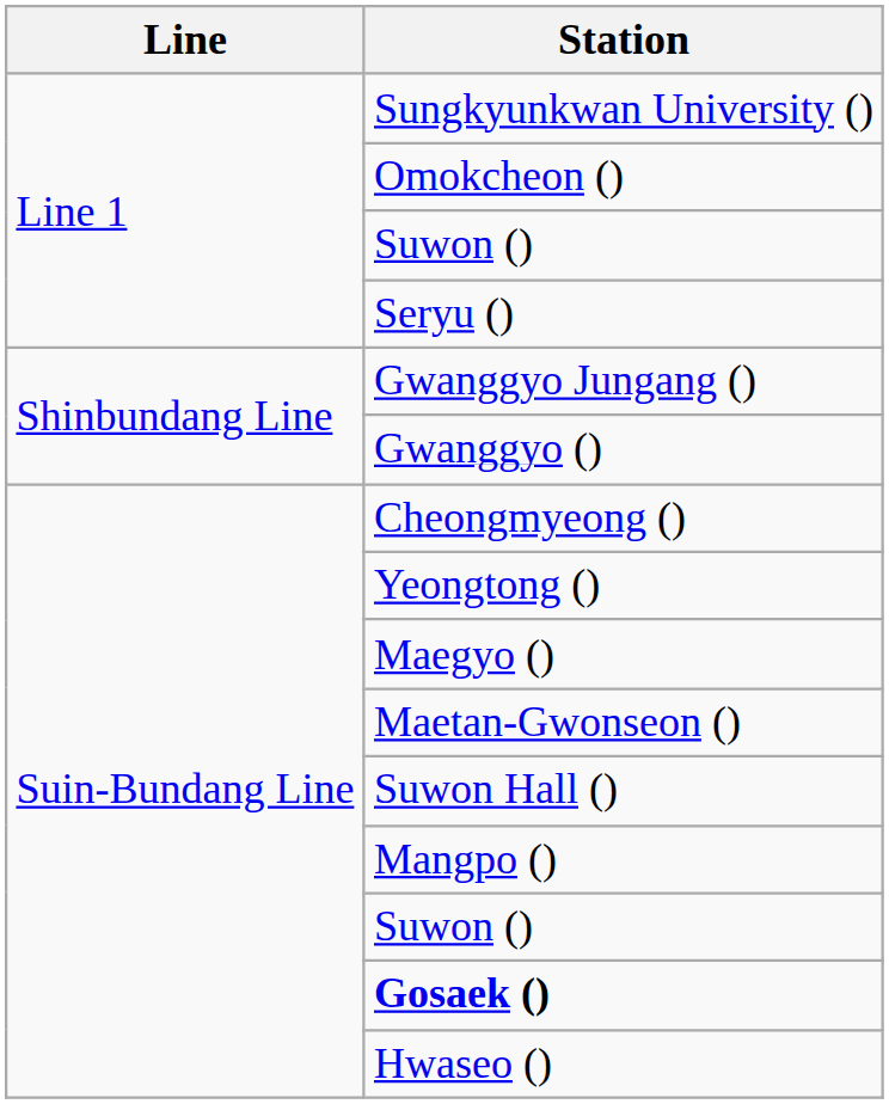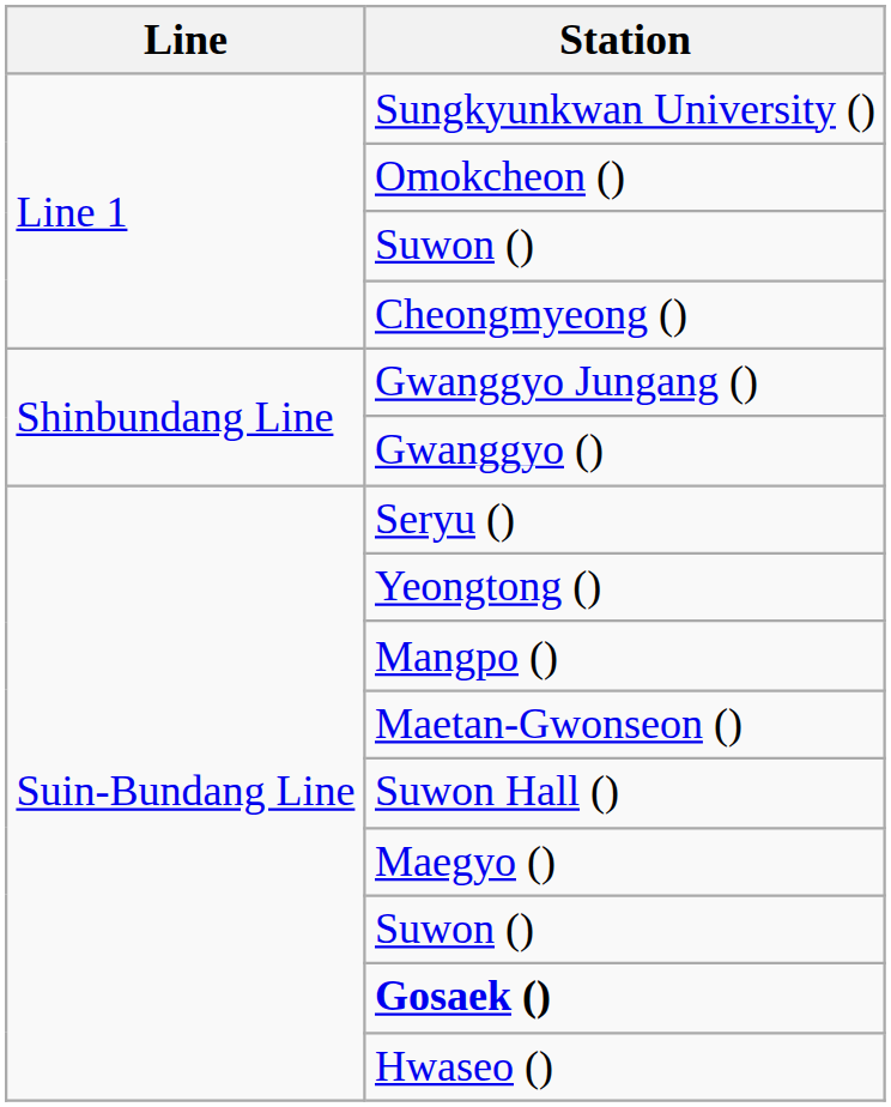 <table class="wikitable sortable mw-collapsible mw-collapsed">
 <tr>
 <th scope="col">Line</th>
 <th scope="col">Station</th>
 </tr>
 <tr>
 <td rowspan="4"><a href='#'>Line 1</a></td>
 <td><a href='#'>Sungkyunkwan University</a> ()</td>
 </tr>
 <tr>
 <td><a href='#'>Omokcheon</a> ()</td>
 </tr>
 <tr>
 <td><a href='#'>Suwon</a> ()</td>
 </tr>
 <tr>
-<td><a href='#'>Seryu</a> ()</td>
+<td><a href='#'>Cheongmyeong</a> ()</td>
 </tr>
 <tr>
 <td rowspan="2"><a href='#'>Shinbundang Line</a></td>
 <td><a href='#'>Gwanggyo Jungang</a> ()</td>
 </tr>
 <tr>
 <td><a href='#'>Gwanggyo</a> ()</td>
 </tr>
 <tr>
 <td rowspan="9"><a href='#'>Suin-Bundang Line</a></td>
-<td><a href='#'>Cheongmyeong</a> ()</td>
+<td><a href='#'>Seryu</a> ()</td>
 </tr>
 <tr>
 <td><a href='#'>Yeongtong</a> ()</td>
 </tr>
 <tr>
-<td><a href='#'>Maegyo</a> ()</td>
+<td><a href='#'>Mangpo</a> ()</td>
 </tr>
 <tr>
 <td><a href='#'>Maetan-Gwonseon</a> ()</td>
 </tr>
 <tr>
 <td><a href='#'>Suwon Hall</a> ()</td>
 </tr>
 <tr>
-<td><a href='#'>Mangpo</a> ()</td>
+<td><a href='#'>Maegyo</a> ()</td>
 </tr>
 <tr>
 <td><a href='#'>Suwon</a> ()</td>
 </tr>
 <tr>
 <td><strong><a href='#'>Gosaek</a> ()</strong></td>
 </tr>
 <tr>
 <td><a href='#'>Hwaseo</a> ()</td>
 </tr>
 </table>
